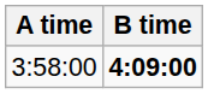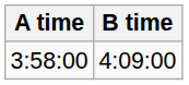 <table class="wikitable" border="1" align="upright">
 <tr>
 <th>A time</th>
 <th>B time</th>
 </tr>
 <tr>
 <td>3:58:00</td>
-<td><strong>4:09:00</strong></td>
+<td>4:09:00</td>
 </tr>
 </table>
